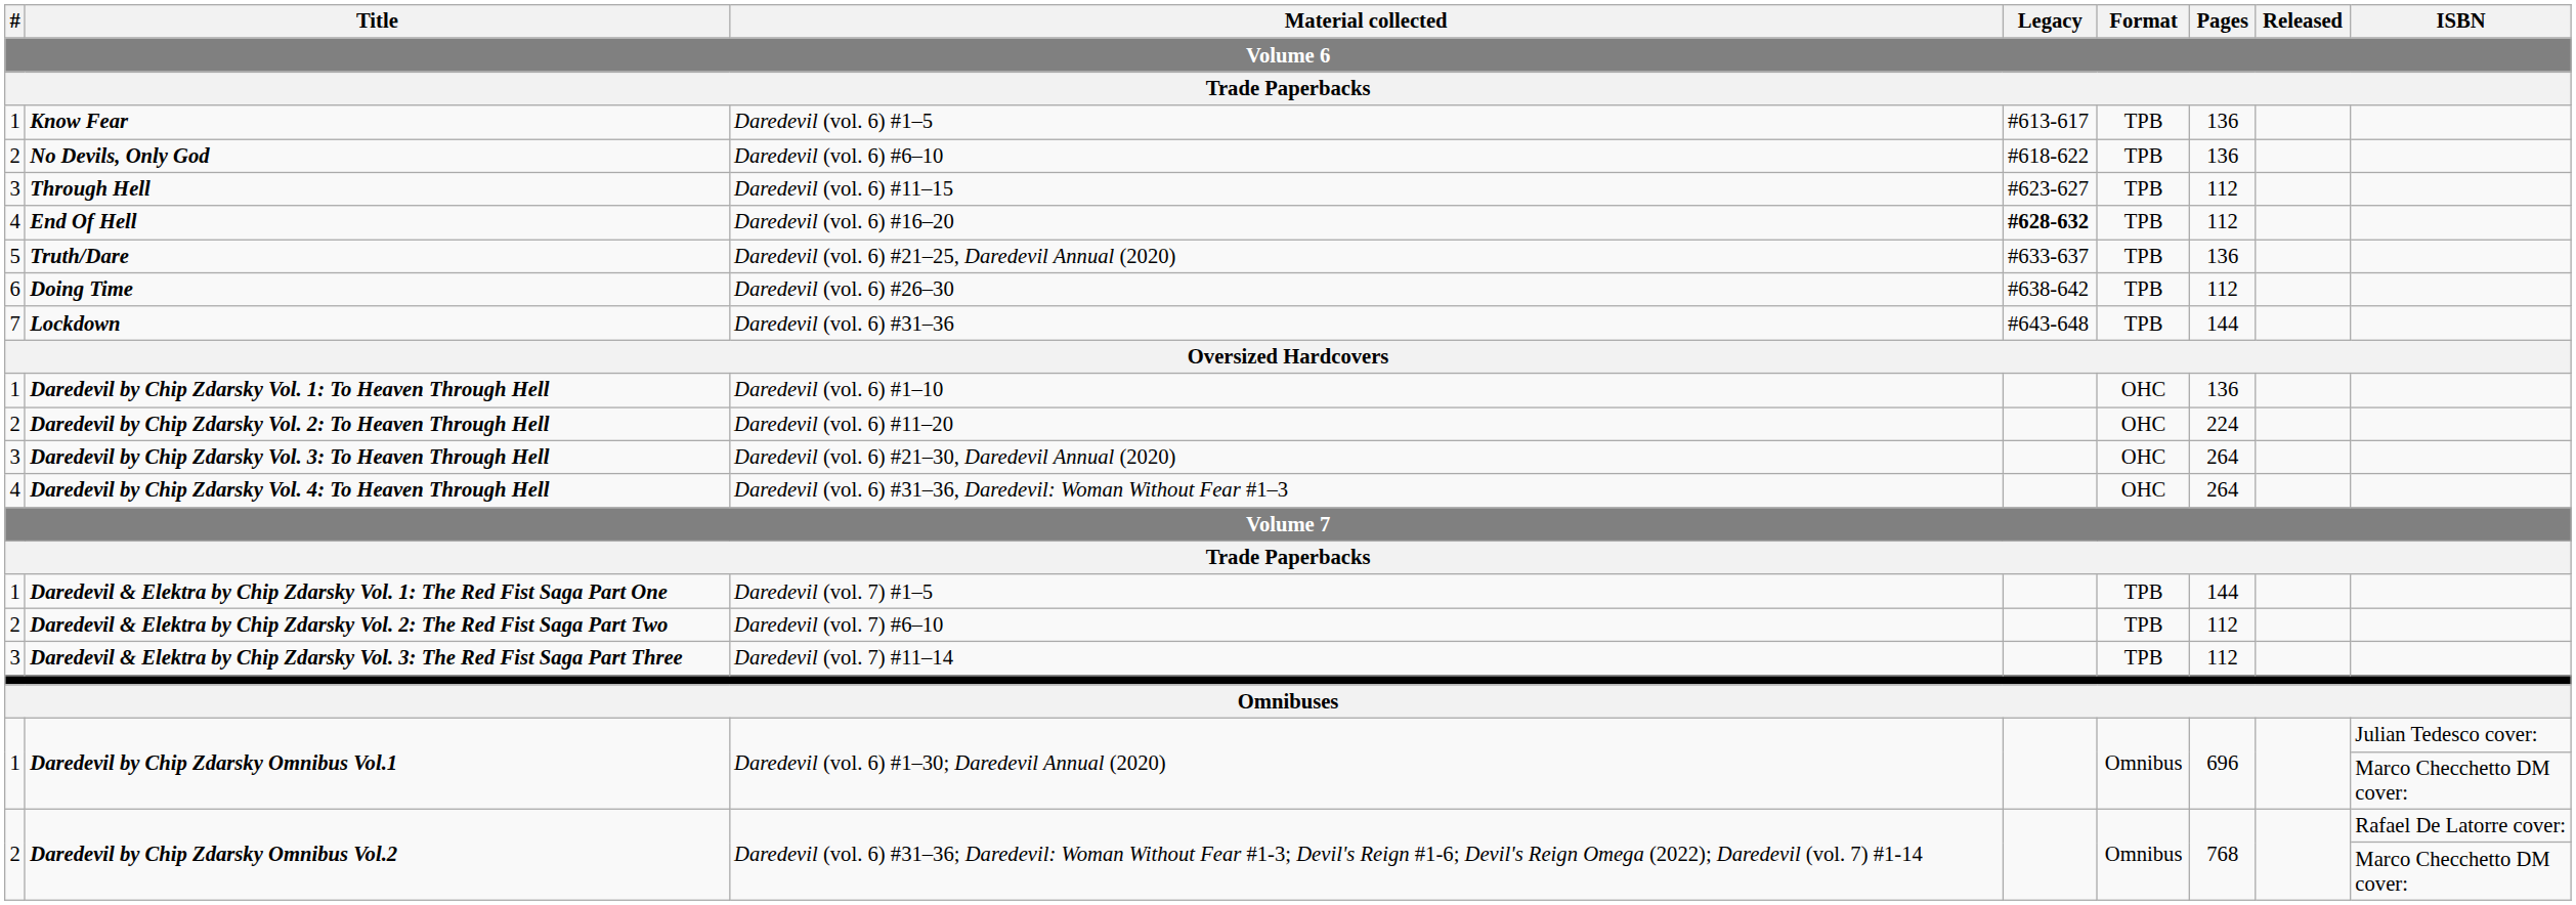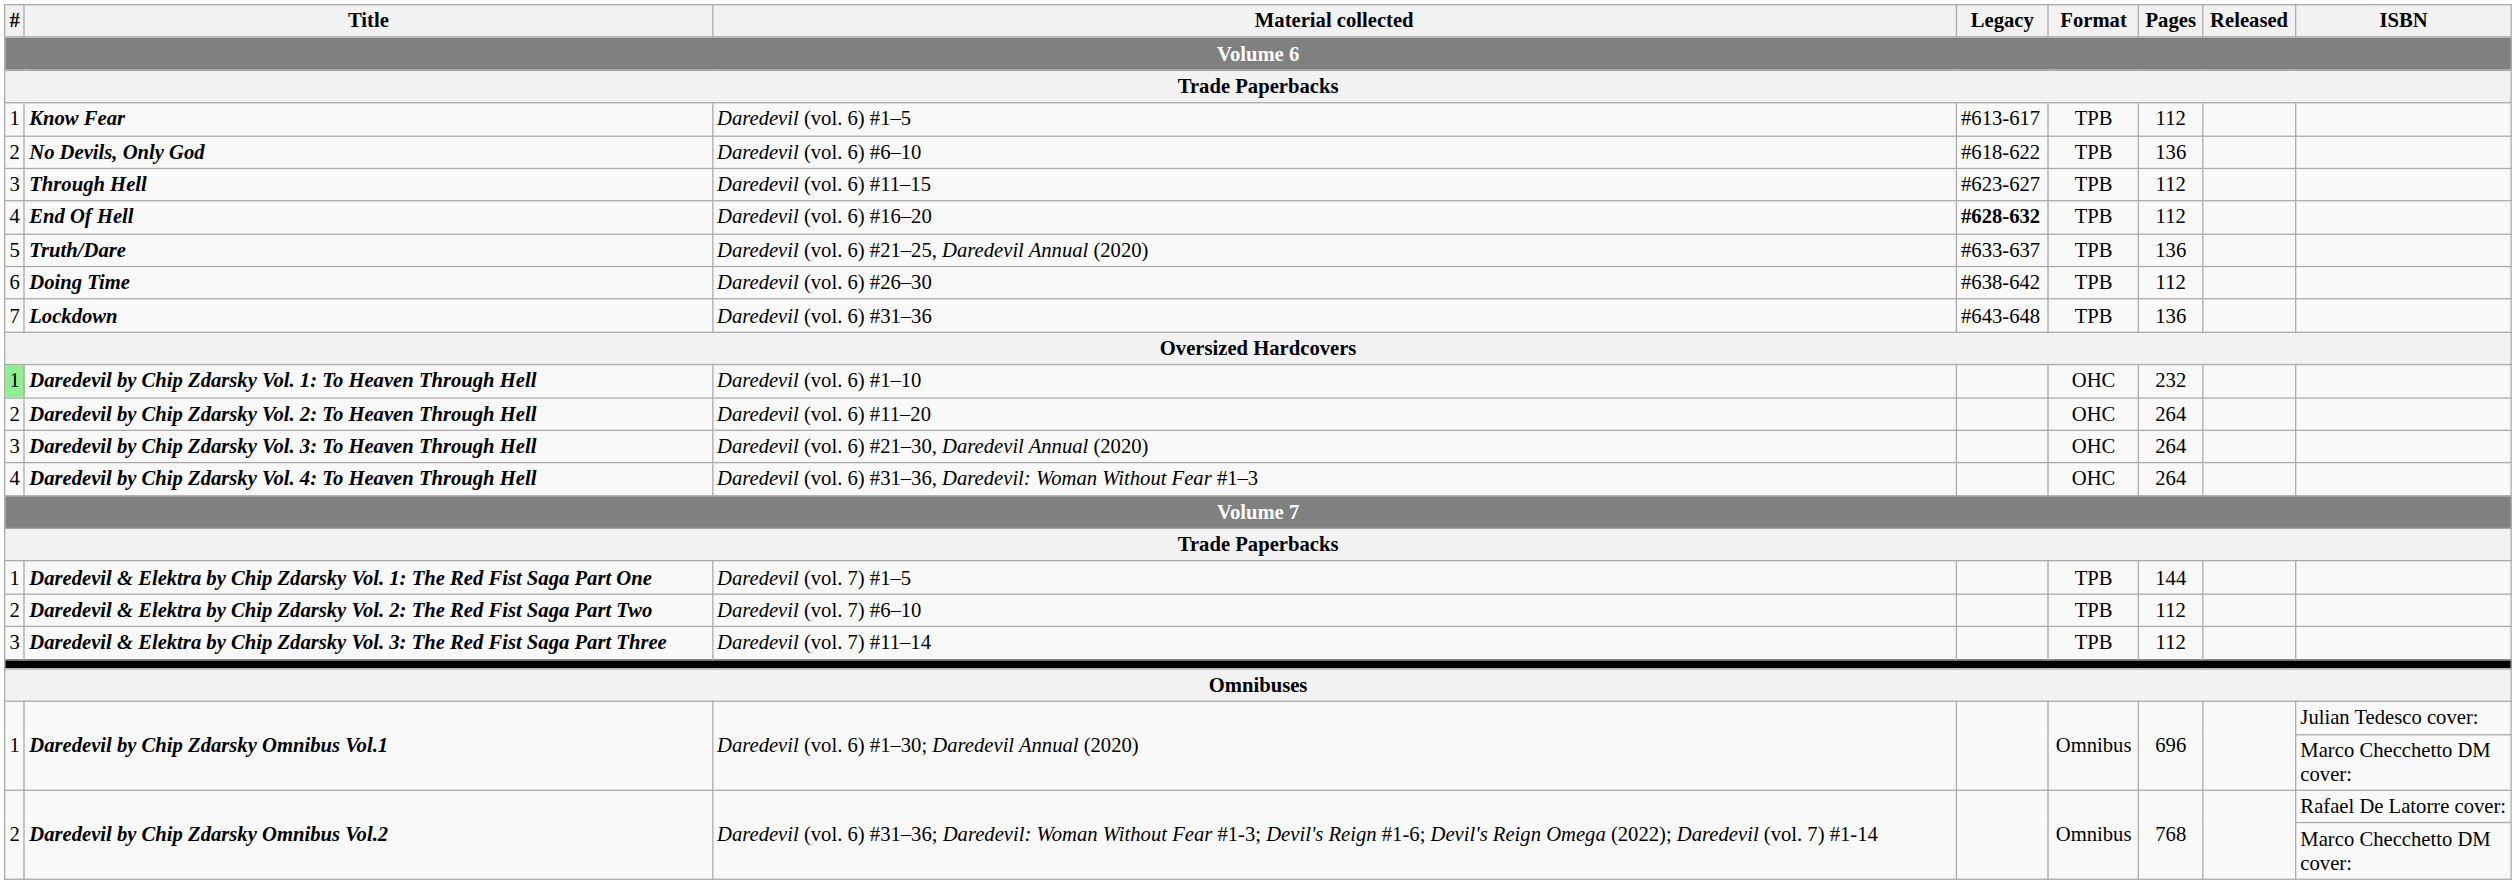 <table class="wikitable sortable" width=98%>
 <tr>
 <th width="4px">#</th>
 <th>Title</th>
 <th>Material collected</th>
 <th style="width: 4em;">Legacy</th>
 <th class="unsortable">Format</th>
 <th>Pages</th>
 <th>Released</th>
 <th class="unsortable" style="width: 10em;">ISBN</th>
 </tr>
 <tr>
 <th colspan=8 style="background-color: grey; color: white;">Volume 6</th>
 </tr>
 <tr>
 <th colspan=8>Trade Paperbacks</th>
 </tr>
 <tr>
 <td>1</td>
 <td><strong><em>Know Fear</em></strong></td>
 <td><em>Daredevil</em> (vol. 6) #1–5</td>
 <td>#613-617</td>
 <td style="text-align: center;">TPB</td>
-<td style="text-align: center;">136</td>
+<td style="text-align: center;">112</td>
 <td></td>
 <td></td>
 </tr>
 <tr>
 <td>2</td>
 <td><strong><em>No Devils, Only God</em></strong></td>
 <td><em>Daredevil</em> (vol. 6) #6–10</td>
 <td>#618-622</td>
 <td style="text-align: center;">TPB</td>
 <td style="text-align: center;">136</td>
 <td></td>
 <td></td>
 </tr>
 <tr>
 <td>3</td>
 <td><strong><em>Through Hell</em></strong></td>
 <td><em>Daredevil</em> (vol. 6) #11–15</td>
 <td>#623-627</td>
 <td style="text-align: center;">TPB</td>
 <td style="text-align: center;">112</td>
 <td></td>
 <td></td>
 </tr>
 <tr>
 <td>4</td>
 <td><strong><em>End Of Hell</em></strong></td>
 <td><em>Daredevil</em> (vol. 6) #16–20</td>
 <td><strong>#628-632</strong></td>
 <td style="text-align: center;">TPB</td>
 <td style="text-align: center;">112</td>
 <td></td>
 <td></td>
 </tr>
 <tr>
 <td>5</td>
 <td><strong><em>Truth/Dare</em></strong></td>
 <td><em>Daredevil</em> (vol. 6) #21–25, <em>Daredevil Annual</em> (2020)</td>
 <td>#633-637</td>
 <td style="text-align: center;">TPB</td>
 <td style="text-align: center;">136</td>
 <td></td>
 <td></td>
 </tr>
 <tr>
 <td>6</td>
 <td><strong><em>Doing Time</em></strong></td>
 <td><em>Daredevil</em> (vol. 6) #26–30</td>
 <td>#638-642</td>
 <td style="text-align: center;">TPB</td>
 <td style="text-align: center;">112</td>
 <td></td>
 <td></td>
 </tr>
 <tr>
 <td>7</td>
 <td><strong><em>Lockdown</em></strong></td>
 <td><em>Daredevil</em> (vol. 6) #31–36</td>
 <td>#643-648</td>
 <td style="text-align: center;">TPB</td>
-<td style="text-align: center;">144</td>
+<td style="text-align: center;">136</td>
 <td></td>
 <td></td>
 </tr>
 <tr>
 <th colspan=8>Oversized Hardcovers</th>
 </tr>
 <tr>
-<td>1</td>
+<td style="background: lightgreen;">1</td>
 <td><strong><em>Daredevil by Chip Zdarsky Vol. 1: To Heaven Through Hell</em></strong></td>
 <td><em>Daredevil</em> (vol. 6) #1–10</td>
 <td></td>
 <td style="text-align: center;">OHC</td>
-<td style="text-align: center;">136</td>
+<td style="text-align: center;">232</td>
 <td></td>
 <td></td>
 </tr>
 <tr>
 <td>2</td>
 <td><strong><em>Daredevil by Chip Zdarsky Vol. 2: To Heaven Through Hell</em></strong></td>
 <td><em>Daredevil</em> (vol. 6) #11–20</td>
 <td></td>
 <td style="text-align: center;">OHC</td>
-<td style="text-align: center;">224</td>
+<td style="text-align: center;">264</td>
 <td></td>
 <td></td>
 </tr>
 <tr>
 <td>3</td>
 <td><strong><em>Daredevil by Chip Zdarsky Vol. 3: To Heaven Through Hell</em></strong></td>
 <td><em>Daredevil</em> (vol. 6) #21–30, <em>Daredevil Annual</em> (2020)</td>
 <td></td>
 <td style="text-align: center;">OHC</td>
 <td style="text-align: center;">264</td>
 <td></td>
 <td></td>
 </tr>
 <tr>
 <td>4</td>
 <td><strong><em>Daredevil by Chip Zdarsky Vol. 4: To Heaven Through Hell</em></strong></td>
 <td><em>Daredevil</em> (vol. 6) #31–36, <em>Daredevil: Woman Without Fear</em> #1–3</td>
 <td></td>
 <td style="text-align: center;">OHC</td>
 <td style="text-align: center;">264</td>
 <td></td>
 <td></td>
 </tr>
 <tr>
 <th colspan=8 style="background-color: grey; color: white;">Volume 7</th>
 </tr>
 <tr>
 <th colspan=8>Trade Paperbacks</th>
 </tr>
 <tr>
 <td>1</td>
 <td><strong><em>Daredevil & Elektra by Chip Zdarsky Vol. 1: The Red Fist Saga Part One</em></strong></td>
 <td><em>Daredevil</em> (vol. 7) #1–5</td>
 <td></td>
 <td style="text-align: center;">TPB</td>
 <td style="text-align: center;">144</td>
 <td></td>
 <td></td>
 </tr>
 <tr>
 <td>2</td>
 <td><strong><em>Daredevil & Elektra by Chip Zdarsky Vol. 2: The Red Fist Saga Part Two</em></strong></td>
 <td><em>Daredevil</em> (vol. 7) #6–10</td>
 <td></td>
 <td style="text-align: center;">TPB</td>
 <td style="text-align: center;">112</td>
 <td></td>
 <td></td>
 </tr>
 <tr>
 <td>3</td>
 <td><strong><em>Daredevil & Elektra by Chip Zdarsky Vol. 3: The Red Fist Saga Part Three</em></strong></td>
 <td><em>Daredevil</em> (vol. 7) #11–14</td>
 <td></td>
 <td style="text-align: center;">TPB</td>
 <td style="text-align: center;">112</td>
 <td></td>
 <td></td>
 </tr>
 <tr>
 <td colspan=8 style="background-color: black;"></td>
 </tr>
 <tr>
 <th colspan=8>Omnibuses</th>
 </tr>
 <tr>
 <td rowspan=2>1</td>
 <td rowspan=2><strong><em>Daredevil by Chip Zdarsky Omnibus Vol.1</em></strong></td>
 <td rowspan=2><em>Daredevil</em> (vol. 6) #1–30; <em>Daredevil Annual</em> (2020)</td>
 <td rowspan=2></td>
 <td rowspan=2 style="text-align: center;">Omnibus</td>
 <td rowspan=2 style="text-align: center;">696</td>
 <td rowspan=2></td>
 <td>Julian Tedesco cover: </td>
 </tr>
 <tr>
 <td>Marco Checchetto DM cover: </td>
 </tr>
 <tr>
 <td rowspan=2>2</td>
 <td rowspan=2><strong><em>Daredevil by Chip Zdarsky Omnibus Vol.2</em></strong></td>
 <td rowspan=2><em>Daredevil</em> (vol. 6) #31–36; <em>Daredevil: Woman Without Fear</em> #1-3; <em>Devil's Reign</em> #1-6; <em>Devil's Reign Omega</em> (2022); <em>Daredevil</em> (vol. 7) #1-14</td>
 <td rowspan=2></td>
 <td rowspan=2 style="text-align: center;">Omnibus</td>
 <td rowspan=2 style="text-align: center;">768</td>
 <td rowspan=2></td>
 <td>Rafael De Latorre cover: </td>
 </tr>
 <tr>
 <td>Marco Checchetto DM cover: </td>
 </tr>
 </table>
